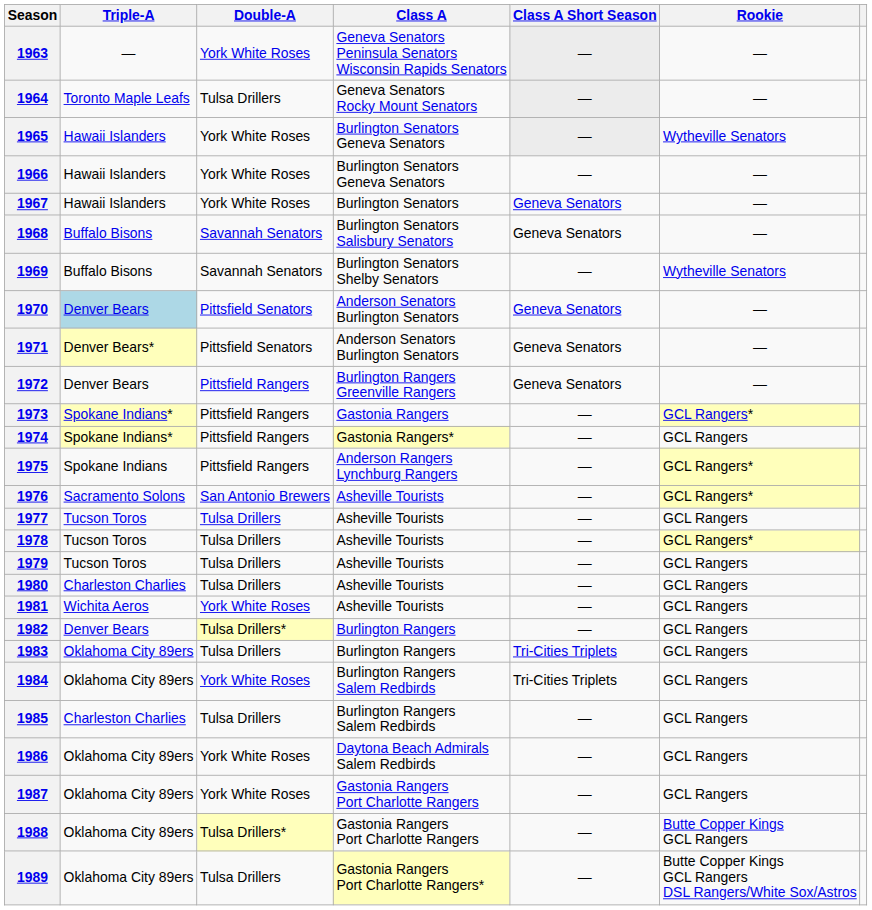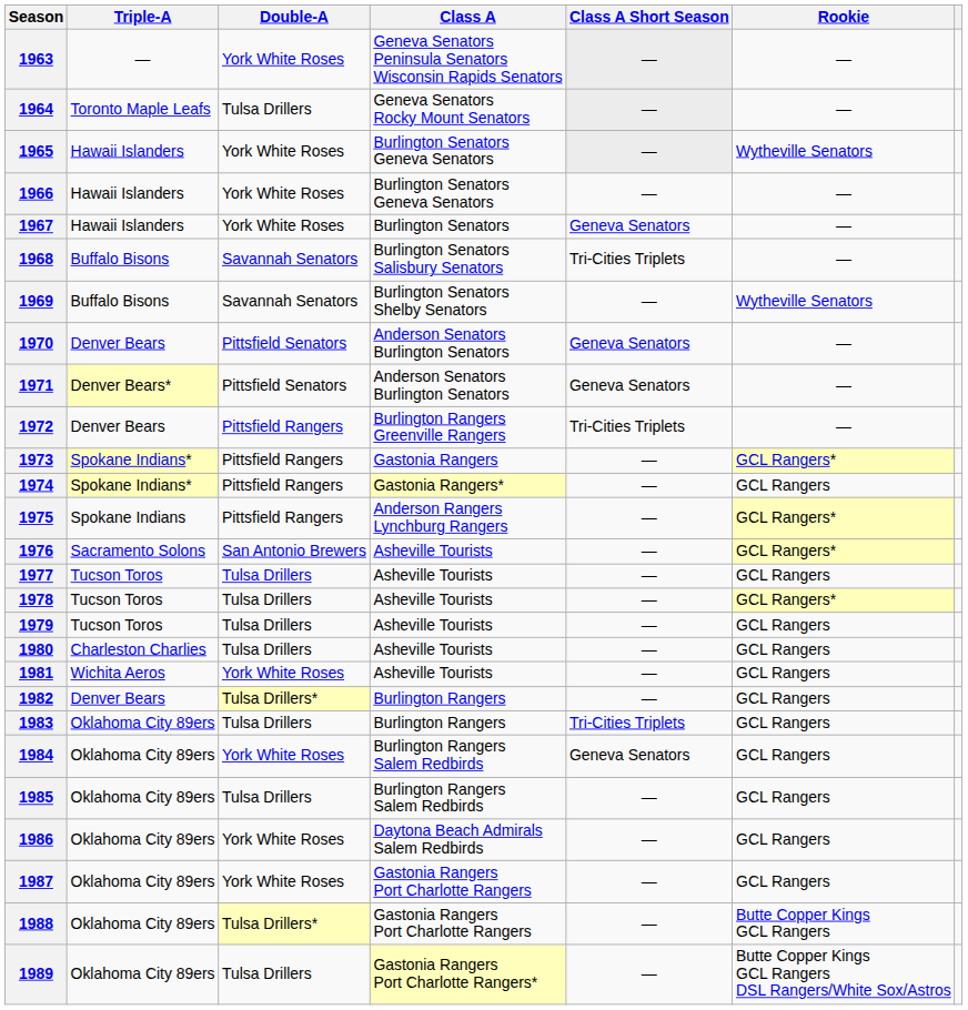 <table class="wikitable plainrowheaders">
 <tr>
 <th scope="col">Season</th>
 <th scope="col"><a href='#'><span>Triple-A</span></a></th>
 <th scope="col"><a href='#'><span>Double-A</span></a></th>
 <th scope="col"><a href='#'><span>Class A</span></a></th>
 <th scope="col"><a href='#'><span>Class A Short Season</span></a></th>
 <th scope="col"><a href='#'><span>Rookie</span></a></th>
 <th scope="col"></th>
 </tr>
 <tr>
 <th scope="row" style="text-align:center"><a href='#'>1963</a></th>
 <td align="center">—</td>
 <td><a href='#'>York White Roses</a></td>
 <td><a href='#'>Geneva Senators</a><br><a href='#'>Peninsula Senators</a><br><a href='#'>Wisconsin Rapids Senators</a></td>
 <td style="background:#ececec" align="center">—</td>
 <td align="center">—</td>
 <td align="center"></td>
 </tr>
 <tr>
 <th scope="row" style="text-align:center"><a href='#'>1964</a></th>
 <td><a href='#'>Toronto Maple Leafs</a></td>
 <td>Tulsa Drillers</td>
 <td>Geneva Senators<br><a href='#'>Rocky Mount Senators</a></td>
 <td style="background:#ececec" align="center">—</td>
 <td align="center">—</td>
 <td align="center"></td>
 </tr>
 <tr>
 <th scope="row" style="text-align:center"><a href='#'>1965</a></th>
 <td><a href='#'>Hawaii Islanders</a></td>
 <td>York White Roses</td>
 <td><a href='#'>Burlington Senators</a><br>Geneva Senators</td>
 <td style="background:#ececec" align="center">—</td>
 <td><a href='#'>Wytheville Senators</a></td>
 <td align="center"></td>
 </tr>
 <tr>
 <th scope="row" style="text-align:center"><a href='#'>1966</a></th>
 <td>Hawaii Islanders</td>
 <td>York White Roses</td>
 <td>Burlington Senators<br>Geneva Senators</td>
 <td align="center">—</td>
 <td align="center">—</td>
 <td align="center"></td>
 </tr>
 <tr>
 <th scope="row" style="text-align:center"><a href='#'>1967</a></th>
 <td>Hawaii Islanders</td>
 <td>York White Roses</td>
 <td>Burlington Senators</td>
 <td><a href='#'>Geneva Senators</a></td>
 <td align="center">—</td>
 <td align="center"></td>
 </tr>
 <tr>
 <th scope="row" style="text-align:center"><a href='#'>1968</a></th>
 <td><a href='#'>Buffalo Bisons</a></td>
 <td><a href='#'>Savannah Senators</a></td>
 <td>Burlington Senators<br><a href='#'>Salisbury Senators</a></td>
-<td>Geneva Senators</td>
+<td>Tri-Cities Triplets</td>
 <td align="center">—</td>
 <td align="center"></td>
 </tr>
 <tr>
 <th scope="row" style="text-align:center"><a href='#'>1969</a></th>
 <td>Buffalo Bisons</td>
 <td>Savannah Senators</td>
 <td>Burlington Senators<br>Shelby Senators</td>
 <td align="center">—</td>
 <td><a href='#'>Wytheville Senators</a></td>
 <td align="center"></td>
 </tr>
 <tr>
 <th scope="row" style="text-align:center"><a href='#'>1970</a></th>
-<td style="background: lightblue;"><a href='#'>Denver Bears</a></td>
+<td><a href='#'>Denver Bears</a></td>
 <td><a href='#'>Pittsfield Senators</a></td>
 <td><a href='#'>Anderson Senators</a><br>Burlington Senators</td>
 <td><a href='#'>Geneva Senators</a></td>
 <td align="center">—</td>
 <td align="center"></td>
 </tr>
 <tr>
 <th scope="row" style="text-align:center"><a href='#'>1971</a></th>
 <td style="background-color:#FFFFBB">Denver Bears*</td>
 <td>Pittsfield Senators</td>
 <td>Anderson Senators<br>Burlington Senators</td>
 <td>Geneva Senators</td>
 <td align="center">—</td>
 <td align="center"></td>
 </tr>
 <tr>
 <th scope="row" style="text-align:center"><a href='#'>1972</a></th>
 <td>Denver Bears</td>
 <td><a href='#'>Pittsfield Rangers</a></td>
 <td><a href='#'>Burlington Rangers</a><br><a href='#'>Greenville Rangers</a></td>
-<td>Geneva Senators</td>
+<td>Tri-Cities Triplets</td>
 <td align="center">—</td>
 <td align="center"></td>
 </tr>
 <tr>
 <th scope="row" style="text-align:center"><a href='#'>1973</a></th>
 <td style="background-color:#FFFFBB"><a href='#'>Spokane Indians</a>*</td>
 <td>Pittsfield Rangers</td>
 <td><a href='#'>Gastonia Rangers</a></td>
 <td align="center">—</td>
 <td style="background-color:#FFFFBB"><a href='#'>GCL Rangers</a>*</td>
 <td align="center"></td>
 </tr>
 <tr>
 <th scope="row" style="text-align:center"><a href='#'>1974</a></th>
 <td style="background-color:#FFFFBB">Spokane Indians*</td>
 <td>Pittsfield Rangers</td>
 <td style="background-color:#FFFFBB">Gastonia Rangers*</td>
 <td align="center">—</td>
 <td>GCL Rangers</td>
 <td align="center"></td>
 </tr>
 <tr>
 <th scope="row" style="text-align:center"><a href='#'>1975</a></th>
 <td>Spokane Indians</td>
 <td>Pittsfield Rangers</td>
 <td><a href='#'>Anderson Rangers</a><br><a href='#'>Lynchburg Rangers</a></td>
 <td align="center">—</td>
 <td style="background-color:#FFFFBB">GCL Rangers*</td>
 <td align="center"></td>
 </tr>
 <tr>
 <th scope="row" style="text-align:center"><a href='#'>1976</a></th>
 <td><a href='#'>Sacramento Solons</a></td>
 <td><a href='#'>San Antonio Brewers</a></td>
 <td><a href='#'>Asheville Tourists</a></td>
 <td align="center">—</td>
 <td style="background-color:#FFFFBB">GCL Rangers*</td>
 <td align="center"></td>
 </tr>
 <tr>
 <th scope="row" style="text-align:center"><a href='#'>1977</a></th>
 <td><a href='#'>Tucson Toros</a></td>
 <td><a href='#'>Tulsa Drillers</a></td>
 <td>Asheville Tourists</td>
 <td align="center">—</td>
 <td>GCL Rangers</td>
 <td align="center"></td>
 </tr>
 <tr>
 <th scope="row" style="text-align:center"><a href='#'>1978</a></th>
 <td>Tucson Toros</td>
 <td>Tulsa Drillers</td>
 <td>Asheville Tourists</td>
 <td align="center">—</td>
 <td style="background-color:#FFFFBB">GCL Rangers*</td>
 <td align="center"></td>
 </tr>
 <tr>
 <th scope="row" style="text-align:center"><a href='#'>1979</a></th>
 <td>Tucson Toros</td>
 <td>Tulsa Drillers</td>
 <td>Asheville Tourists</td>
 <td align="center">—</td>
 <td>GCL Rangers</td>
 <td align="center"></td>
 </tr>
 <tr>
 <th scope="row" style="text-align:center"><a href='#'>1980</a></th>
 <td><a href='#'>Charleston Charlies</a></td>
 <td>Tulsa Drillers</td>
 <td>Asheville Tourists</td>
 <td align="center">—</td>
 <td>GCL Rangers</td>
 <td align="center"></td>
 </tr>
 <tr>
 <th scope="row" style="text-align:center"><a href='#'>1981</a></th>
 <td><a href='#'>Wichita Aeros</a></td>
 <td><a href='#'>York White Roses</a></td>
 <td>Asheville Tourists</td>
 <td align="center">—</td>
 <td>GCL Rangers</td>
 <td align="center"></td>
 </tr>
 <tr>
 <th scope="row" style="text-align:center"><a href='#'>1982</a></th>
 <td><a href='#'>Denver Bears</a></td>
 <td style="background-color:#FFFFBB">Tulsa Drillers*</td>
 <td><a href='#'>Burlington Rangers</a></td>
 <td align="center">—</td>
 <td>GCL Rangers</td>
 <td align="center"></td>
 </tr>
 <tr>
 <th scope="row" style="text-align:center"><a href='#'>1983</a></th>
 <td><a href='#'>Oklahoma City 89ers</a></td>
 <td>Tulsa Drillers</td>
 <td>Burlington Rangers</td>
 <td><a href='#'>Tri-Cities Triplets</a></td>
 <td>GCL Rangers</td>
 <td align="center"></td>
 </tr>
 <tr>
 <th scope="row" style="text-align:center"><a href='#'>1984</a></th>
 <td>Oklahoma City 89ers</td>
 <td><a href='#'>York White Roses</a></td>
 <td>Burlington Rangers<br><a href='#'>Salem Redbirds</a></td>
-<td>Tri-Cities Triplets</td>
+<td>Geneva Senators</td>
 <td>GCL Rangers</td>
 <td align="center"></td>
 </tr>
 <tr>
 <th scope="row" style="text-align:center"><a href='#'>1985</a></th>
-<td><a href='#'>Charleston Charlies</a></td>
+<td>Oklahoma City 89ers</td>
 <td>Tulsa Drillers</td>
 <td>Burlington Rangers<br>Salem Redbirds</td>
 <td align="center">—</td>
 <td>GCL Rangers</td>
 <td align="center"></td>
 </tr>
 <tr>
 <th scope="row" style="text-align:center"><a href='#'>1986</a></th>
 <td>Oklahoma City 89ers</td>
 <td>York White Roses</td>
 <td><a href='#'>Daytona Beach Admirals</a><br>Salem Redbirds</td>
 <td align="center">—</td>
 <td>GCL Rangers</td>
 <td align="center"></td>
 </tr>
 <tr>
 <th scope="row" style="text-align:center"><a href='#'>1987</a></th>
 <td>Oklahoma City 89ers</td>
 <td>York White Roses</td>
 <td><a href='#'>Gastonia Rangers</a><br><a href='#'>Port Charlotte Rangers</a></td>
 <td align="center">—</td>
 <td>GCL Rangers</td>
 <td align="center"></td>
 </tr>
 <tr>
 <th scope="row" style="text-align:center"><a href='#'>1988</a></th>
 <td>Oklahoma City 89ers</td>
 <td style="background-color:#FFFFBB">Tulsa Drillers*</td>
 <td>Gastonia Rangers<br>Port Charlotte Rangers</td>
 <td align="center">—</td>
 <td><a href='#'>Butte Copper Kings</a><br>GCL Rangers</td>
 <td align="center"></td>
 </tr>
 <tr>
 <th scope="row" style="text-align:center"><a href='#'>1989</a></th>
 <td>Oklahoma City 89ers</td>
 <td>Tulsa Drillers</td>
 <td style="background-color:#FFFFBB">Gastonia Rangers<br>Port Charlotte Rangers*</td>
 <td align="center">—</td>
 <td>Butte Copper Kings<br>GCL Rangers<br><a href='#'>DSL Rangers/White Sox/Astros</a></td>
 <td align="center"></td>
 </tr>
 </table>
